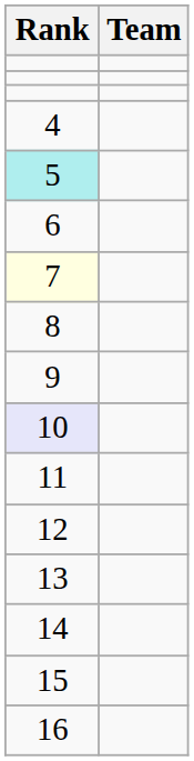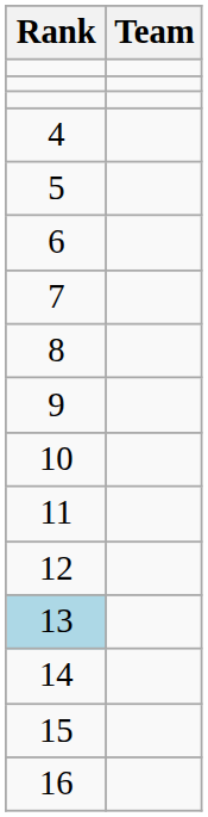 <table class="wikitable" style="text-align: center;">
 <tr>
 <th width=40>Rank</th>
 <th>Team</th>
 </tr>
 <tr align=center>
 <td></td>
 <td style="text-align:left;"></td>
 </tr>
 <tr align=center>
 <td></td>
 <td style="text-align:left;"></td>
 </tr>
 <tr align=center>
 <td></td>
 <td style="text-align:left;"></td>
 </tr>
 <tr align=center>
 <td>4</td>
 <td style="text-align:left;"></td>
 </tr>
 <tr align=center>
-<td style="background: paleturquoise;">5</td>
+<td>5</td>
 <td style="text-align:left;"></td>
 </tr>
 <tr align=center>
 <td>6</td>
 <td style="text-align:left;"></td>
 </tr>
 <tr align=center>
-<td style="background: lightyellow;">7</td>
+<td>7</td>
 <td style="text-align:left;"></td>
 </tr>
 <tr align=center>
 <td>8</td>
 <td style="text-align:left;"></td>
 </tr>
 <tr align=center>
 <td>9</td>
 <td style="text-align:left;"></td>
 </tr>
 <tr align=center>
-<td style="background: lavender;">10</td>
+<td>10</td>
 <td style="text-align:left;"></td>
 </tr>
 <tr align=center>
 <td>11</td>
 <td style="text-align:left;"></td>
 </tr>
 <tr align=center>
 <td>12</td>
 <td style="text-align:left;"></td>
 </tr>
 <tr align=center>
-<td>13</td>
+<td style="background: lightblue;">13</td>
 <td style="text-align:left;"></td>
 </tr>
 <tr align=center>
 <td>14</td>
 <td style="text-align:left;"></td>
 </tr>
 <tr align=center>
 <td>15</td>
 <td style="text-align:left;"></td>
 </tr>
 <tr align=center>
 <td>16</td>
 <td style="text-align:left;"></td>
 </tr>
 </table>
